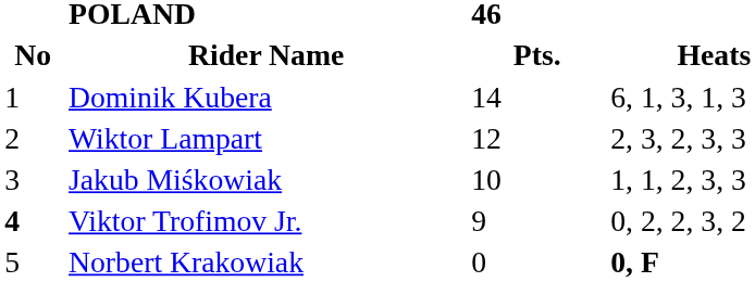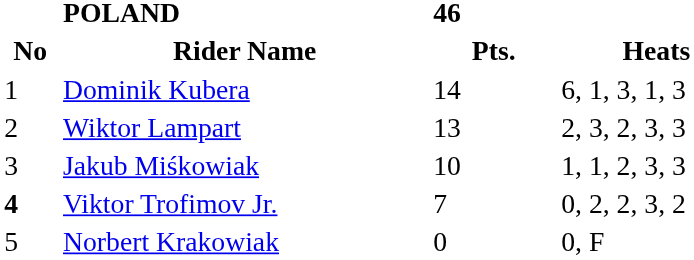 <table class="toccolours">
 <tr>
 <td></td>
 <td><strong>POLAND</strong></td>
 <td><strong>46</strong></td>
 </tr>
 <tr style="background-color:">
 <th width=30px>No</th>
 <th width=210px>Rider Name</th>
 <th width=70px>Pts.</th>
 <th width=110px>Heats</th>
 </tr>
 <tr style="background-color:">
 <td>1</td>
 <td><a href='#'>Dominik Kubera</a></td>
 <td>14</td>
 <td>6, 1, 3, 1, 3</td>
 </tr>
 <tr style="background-color:">
 <td>2</td>
 <td><a href='#'>Wiktor Lampart</a></td>
-<td>12</td>
+<td>13</td>
 <td>2, 3, 2, 3, 3</td>
 </tr>
 <tr style="background-color:">
 <td>3</td>
 <td><a href='#'>Jakub Miśkowiak</a></td>
 <td>10</td>
 <td>1, 1, 2, 3, 3</td>
 </tr>
 <tr style="background-color:">
 <td><strong>4</strong></td>
 <td><a href='#'>Viktor Trofimov Jr.</a></td>
-<td>9</td>
+<td>7</td>
 <td>0, 2, 2, 3, 2</td>
 </tr>
 <tr style="background-color:">
 <td>5</td>
 <td><a href='#'>Norbert Krakowiak</a></td>
 <td>0</td>
-<td><strong>0, F</strong></td>
+<td>0, F</td>
 </tr>
 </table>
